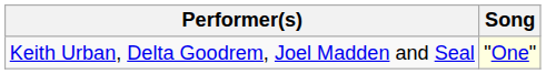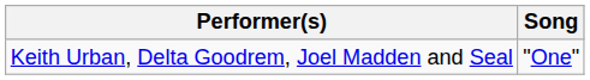 <table class="wikitable plainrowheaders">
 <tr style="background:#ccc;">
 <th>Performer(s)</th>
 <th>Song</th>
 </tr>
 <tr>
 <td><a href='#'>Keith Urban</a>, <a href='#'>Delta Goodrem</a>, <a href='#'>Joel Madden</a> and <a href='#'>Seal</a></td>
-<td style="background: lightyellow;">"<a href='#'>One</a>"</td>
+<td>"<a href='#'>One</a>"</td>
 </tr>
 </table>
